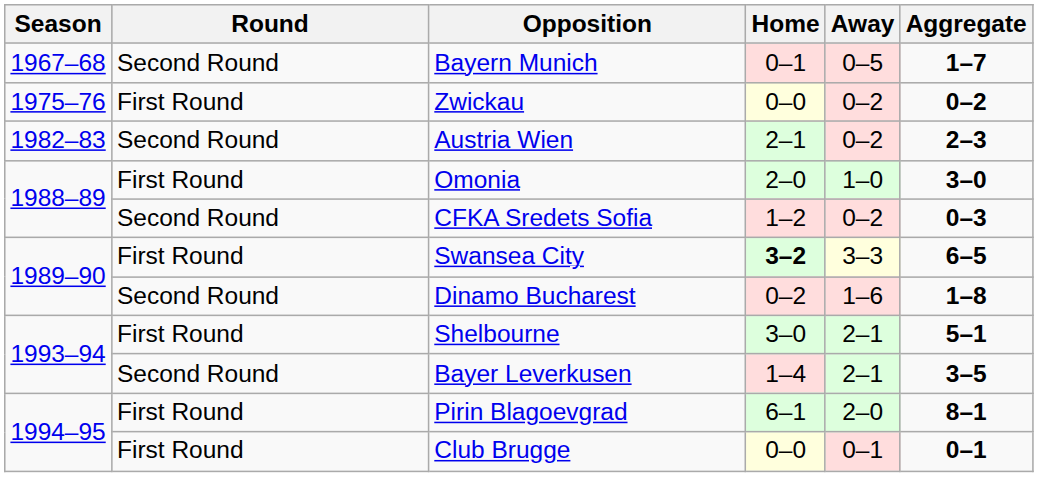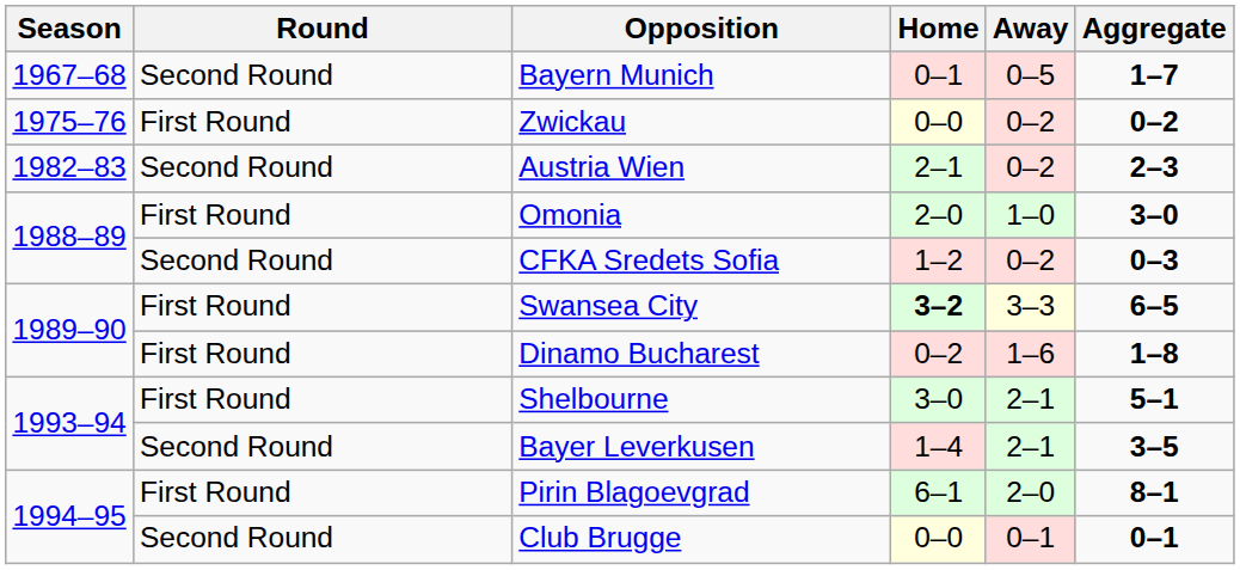 <table class="wikitable">
 <tr>
 <th>Season</th>
 <th width=200>Round</th>
 <th width=200>Opposition</th>
 <th>Home</th>
 <th>Away</th>
 <th>Aggregate</th>
 </tr>
 <tr>
 <td><a href='#'>1967–68</a></td>
 <td>Second Round</td>
 <td align=left> <a href='#'>Bayern Munich</a></td>
 <td style="text-align:center; background:#fdd;">0–1</td>
 <td style="text-align:center; background:#fdd;">0–5</td>
 <td style="text-align:center;"><strong>1–7</strong></td>
 </tr>
 <tr>
 <td><a href='#'>1975–76</a></td>
 <td>First Round</td>
 <td align=left> <a href='#'>Zwickau</a></td>
 <td style="text-align:center; background:#ffd;">0–0</td>
 <td style="text-align:center; background:#fdd;">0–2</td>
 <td style="text-align:center;"><strong>0–2</strong></td>
 </tr>
 <tr>
 <td><a href='#'>1982–83</a></td>
 <td>Second Round</td>
 <td align=left> <a href='#'>Austria Wien</a></td>
 <td style="text-align:center; background:#dfd;">2–1</td>
 <td style="text-align:center; background:#fdd;">0–2</td>
 <td style="text-align:center;"><strong>2–3</strong></td>
 </tr>
 <tr>
 <td rowspan=2><a href='#'>1988–89</a></td>
 <td>First Round</td>
 <td align=left> <a href='#'>Omonia</a></td>
 <td style="text-align:center; background:#dfd;">2–0</td>
 <td style="text-align:center; background:#dfd;">1–0</td>
 <td style="text-align:center;"><strong>3–0</strong></td>
 </tr>
 <tr>
 <td>Second Round</td>
 <td align=left> <a href='#'>CFKA Sredets Sofia</a></td>
 <td style="text-align:center; background:#fdd;">1–2</td>
 <td style="text-align:center; background:#fdd;">0–2</td>
 <td style="text-align:center;"><strong>0–3</strong></td>
 </tr>
 <tr>
 <td rowspan=2><a href='#'>1989–90</a></td>
 <td>First Round</td>
 <td align=left> <a href='#'>Swansea City</a></td>
 <td style="text-align:center; background:#dfd;"><strong>3–2</strong></td>
 <td style="text-align:center; background:#ffd;">3–3</td>
 <td style="text-align:center;"><strong>6–5</strong></td>
 </tr>
 <tr>
-<td>Second Round</td>
+<td>First Round</td>
 <td align=left> <a href='#'>Dinamo Bucharest</a></td>
 <td style="text-align:center; background:#fdd;">0–2</td>
 <td style="text-align:center; background:#fdd;">1–6</td>
 <td style="text-align:center;"><strong>1–8</strong></td>
 </tr>
 <tr>
 <td rowspan=2><a href='#'>1993–94</a></td>
 <td>First Round</td>
 <td align=left> <a href='#'>Shelbourne</a></td>
 <td style="text-align:center; background:#dfd;">3–0</td>
 <td style="text-align:center; background:#dfd;">2–1</td>
 <td style="text-align:center;"><strong>5–1</strong></td>
 </tr>
 <tr>
 <td>Second Round</td>
 <td align=left> <a href='#'>Bayer Leverkusen</a></td>
 <td style="text-align:center; background:#fdd;">1–4</td>
 <td style="text-align:center; background:#dfd;">2–1</td>
 <td style="text-align:center;"><strong>3–5</strong></td>
 </tr>
 <tr>
 <td rowspan=2><a href='#'>1994–95</a></td>
 <td>First Round</td>
 <td align=left> <a href='#'>Pirin Blagoevgrad</a></td>
 <td style="text-align:center; background:#dfd;">6–1</td>
 <td style="text-align:center; background:#dfd;">2–0</td>
 <td style="text-align:center;"><strong>8–1</strong></td>
 </tr>
 <tr>
-<td>First Round</td>
+<td>Second Round</td>
 <td align=left> <a href='#'>Club Brugge</a></td>
 <td style="text-align:center; background:#ffd;">0–0</td>
 <td style="text-align:center; background:#fdd;">0–1</td>
 <td style="text-align:center;"><strong>0–1</strong></td>
 </tr>
 </table>
